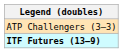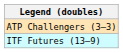 <table class=wikitable style=font-size:97%>
 <tr>
 <th>Legend (doubles)</th>
 </tr>
 <tr bgcolor=moccasin>
 <td>ATP Challengers (3–3)</td>
 </tr>
 <tr bgcolor=CFFCFF>
-<td><strong>ITF Futures (13–9)</strong></td>
+<td>ITF Futures (13–9)</td>
 </tr>
 </table>
